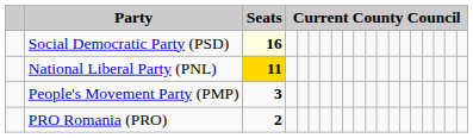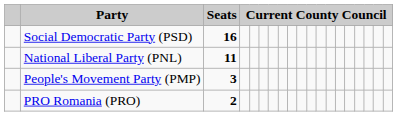 <table class="wikitable">
 <tr>
 <th style="background:#ccc">   </th>
 <th style="background:#ccc">Party</th>
 <th style="background:#ccc">Seats</th>
 <th style="background:#ccc" colspan="16">Current County Council</th>
 </tr>
 <tr>
 <td>  </td>
 <td><a href='#'>Social Democratic Party</a> (PSD)</td>
-<td style="background: lightyellow; text-align: right"><strong>16</strong></td>
+<td style="text-align: right"><strong>16</strong></td>
 <td>  </td>
 <td>  </td>
 <td>  </td>
 <td>  </td>
 <td>  </td>
 <td>  </td>
 <td>  </td>
 <td>  </td>
 <td>  </td>
 <td>  </td>
 <td>  </td>
 <td>  </td>
 <td>  </td>
 <td>  </td>
 <td>  </td>
 <td>  </td>
 </tr>
 <tr>
 <td>  </td>
 <td><a href='#'>National Liberal Party</a> (PNL)</td>
-<td style="background: gold; text-align: right"><strong>11</strong></td>
+<td style="text-align: right"><strong>11</strong></td>
 <td>  </td>
 <td>  </td>
 <td>  </td>
 <td>  </td>
 <td>  </td>
 <td>  </td>
 <td>  </td>
 <td>  </td>
 <td>  </td>
 <td>  </td>
 <td>  </td>
 <td> </td>
 <td> </td>
 <td> </td>
 <td> </td>
 <td> </td>
 </tr>
 <tr>
 <td>  </td>
 <td><a href='#'>People's Movement Party</a> (PMP)</td>
 <td style="text-align: right"><strong>3</strong></td>
 <td>  </td>
 <td>  </td>
 <td>  </td>
 <td> </td>
 <td> </td>
 <td> </td>
 <td> </td>
 <td> </td>
 <td> </td>
 <td> </td>
 <td> </td>
 <td> </td>
 <td> </td>
 <td> </td>
 <td> </td>
 <td> </td>
 </tr>
 <tr>
 <td>  </td>
 <td><a href='#'>PRO Romania</a> (PRO)</td>
 <td style="text-align: right"><strong>2</strong></td>
 <td>  </td>
 <td>  </td>
 <td> </td>
 <td> </td>
 <td> </td>
 <td> </td>
 <td> </td>
 <td> </td>
 <td> </td>
 <td> </td>
 <td> </td>
 <td> </td>
 <td> </td>
 <td> </td>
 <td> </td>
 <td> </td>
 </tr>
 </table>
